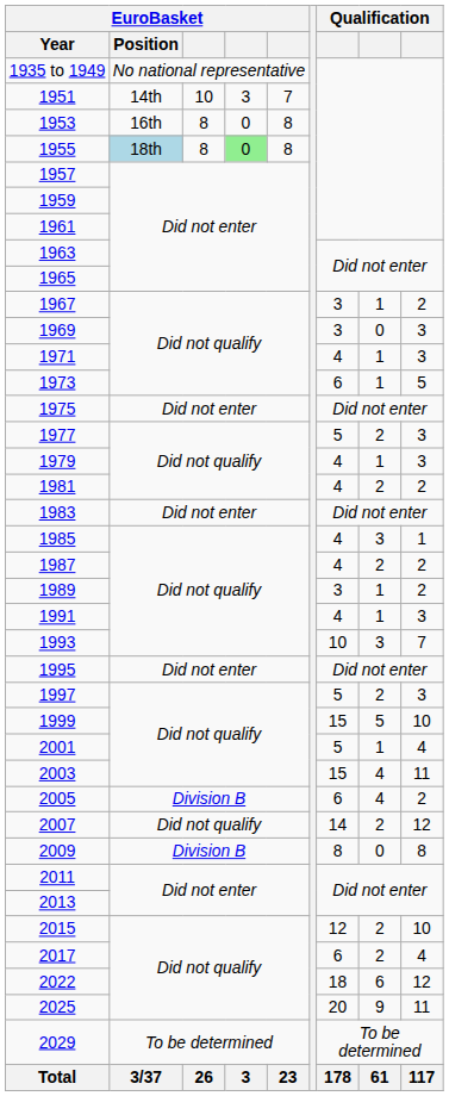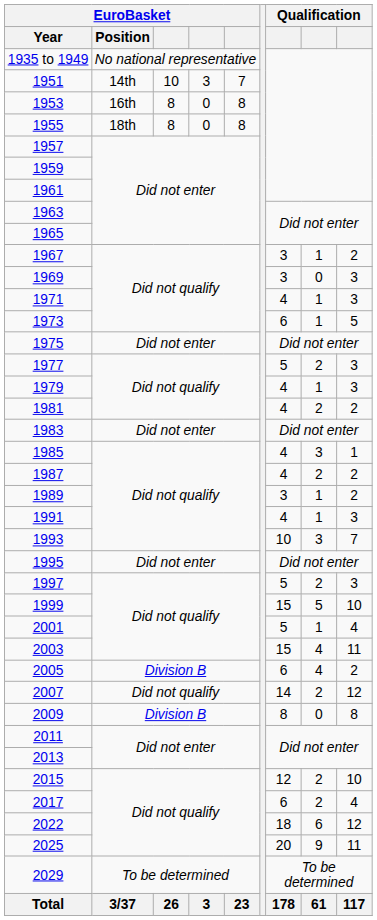 <table class="wikitable" style="text-align: center;font-size:90%;">
 <tr>
 <th colspan=5><a href='#'>EuroBasket</a></th>
 <th rowspan=41></th>
 <th colspan=3>Qualification</th>
 </tr>
 <tr>
 <th>Year</th>
 <th>Position</th>
 <th width=30></th>
 <th width=30></th>
 <th width=30></th>
 <th width=30></th>
 <th width=30></th>
 <th width=30></th>
 </tr>
 <tr>
 <td><a href='#'>1935</a> to <a href='#'>1949</a></td>
 <td colspan=4><em>No national representative</em></td>
 </tr>
 <tr>
 <td> <a href='#'>1951</a></td>
 <td>14th</td>
 <td>10</td>
 <td>3</td>
 <td>7</td>
 </tr>
 <tr>
 <td> <a href='#'>1953</a></td>
 <td>16th</td>
 <td>8</td>
 <td>0</td>
 <td>8</td>
 </tr>
 <tr>
 <td> <a href='#'>1955</a></td>
-<td style="background: lightblue;">18th</td>
+<td>18th</td>
 <td>8</td>
-<td style="background: lightgreen;">0</td>
+<td>0</td>
 <td>8</td>
 </tr>
 <tr>
 <td> <a href='#'>1957</a></td>
 <td colspan=4 rowspan=5><em>Did not enter</em></td>
 </tr>
 <tr>
 <td> <a href='#'>1959</a></td>
 </tr>
 <tr>
 <td> <a href='#'>1961</a></td>
 </tr>
 <tr>
 <td> <a href='#'>1963</a></td>
 <td colspan=3 rowspan=2><em>Did not enter</em></td>
 </tr>
 <tr>
 <td> <a href='#'>1965</a></td>
 </tr>
 <tr>
 <td> <a href='#'>1967</a></td>
 <td colspan=4 rowspan=4><em>Did not qualify</em></td>
 <td>3</td>
 <td>1</td>
 <td>2</td>
 </tr>
 <tr>
 <td> <a href='#'>1969</a></td>
 <td>3</td>
 <td>0</td>
 <td>3</td>
 </tr>
 <tr>
 <td> <a href='#'>1971</a></td>
 <td>4</td>
 <td>1</td>
 <td>3</td>
 </tr>
 <tr>
 <td> <a href='#'>1973</a></td>
 <td>6</td>
 <td>1</td>
 <td>5</td>
 </tr>
 <tr>
 <td> <a href='#'>1975</a></td>
 <td colspan=4><em>Did not enter</em></td>
 <td colspan=3><em>Did not enter</em></td>
 </tr>
 <tr>
 <td> <a href='#'>1977</a></td>
 <td colspan=4 rowspan=3><em>Did not qualify</em></td>
 <td>5</td>
 <td>2</td>
 <td>3</td>
 </tr>
 <tr>
 <td> <a href='#'>1979</a></td>
 <td>4</td>
 <td>1</td>
 <td>3</td>
 </tr>
 <tr>
 <td> <a href='#'>1981</a></td>
 <td>4</td>
 <td>2</td>
 <td>2</td>
 </tr>
 <tr>
 <td> <a href='#'>1983</a></td>
 <td colspan=4><em>Did not enter</em></td>
 <td colspan=3><em>Did not enter</em></td>
 </tr>
 <tr>
 <td> <a href='#'>1985</a></td>
 <td colspan=4 rowspan=5><em>Did not qualify</em></td>
 <td>4</td>
 <td>3</td>
 <td>1</td>
 </tr>
 <tr>
 <td> <a href='#'>1987</a></td>
 <td>4</td>
 <td>2</td>
 <td>2</td>
 </tr>
 <tr>
 <td> <a href='#'>1989</a></td>
 <td>3</td>
 <td>1</td>
 <td>2</td>
 </tr>
 <tr>
 <td> <a href='#'>1991</a></td>
 <td>4</td>
 <td>1</td>
 <td>3</td>
 </tr>
 <tr>
 <td> <a href='#'>1993</a></td>
 <td>10</td>
 <td>3</td>
 <td>7</td>
 </tr>
 <tr>
 <td> <a href='#'>1995</a></td>
 <td colspan=4><em>Did not enter</em></td>
 <td colspan=3><em>Did not enter</em></td>
 </tr>
 <tr>
 <td> <a href='#'>1997</a></td>
 <td colspan=4 rowspan=4><em>Did not qualify</em></td>
 <td>5</td>
 <td>2</td>
 <td>3</td>
 </tr>
 <tr>
 <td> <a href='#'>1999</a></td>
 <td>15</td>
 <td>5</td>
 <td>10</td>
 </tr>
 <tr>
 <td> <a href='#'>2001</a></td>
 <td>5</td>
 <td>1</td>
 <td>4</td>
 </tr>
 <tr>
 <td> <a href='#'>2003</a></td>
 <td>15</td>
 <td>4</td>
 <td>11</td>
 </tr>
 <tr>
 <td> <a href='#'>2005</a></td>
 <td colspan=4><em><a href='#'>Division B</a></em></td>
 <td>6</td>
 <td>4</td>
 <td>2</td>
 </tr>
 <tr>
 <td> <a href='#'>2007</a></td>
 <td colspan=4><em>Did not qualify</em></td>
 <td>14</td>
 <td>2</td>
 <td>12</td>
 </tr>
 <tr>
 <td> <a href='#'>2009</a></td>
 <td colspan=4><em><a href='#'>Division B</a></em></td>
 <td>8</td>
 <td>0</td>
 <td>8</td>
 </tr>
 <tr>
 <td> <a href='#'>2011</a></td>
 <td colspan=4 rowspan=2><em>Did not enter</em></td>
 <td colspan=3 rowspan=2><em>Did not enter</em></td>
 </tr>
 <tr>
 <td> <a href='#'>2013</a></td>
 </tr>
 <tr>
 <td> <a href='#'>2015</a></td>
 <td colspan=4 rowspan=4><em>Did not qualify</em></td>
 <td>12</td>
 <td>2</td>
 <td>10</td>
 </tr>
 <tr>
 <td> <a href='#'>2017</a></td>
 <td>6</td>
 <td>2</td>
 <td>4</td>
 </tr>
 <tr>
 <td> <a href='#'>2022</a></td>
 <td>18</td>
 <td>6</td>
 <td>12</td>
 </tr>
 <tr>
 <td> <a href='#'>2025</a></td>
 <td>20</td>
 <td>9</td>
 <td>11</td>
 </tr>
 <tr>
 <td> <a href='#'>2029</a></td>
 <td colspan=4><em>To be determined</em></td>
 <td colspan=3><em>To be determined</em></td>
 </tr>
 <tr>
 <th>Total</th>
 <th>3/37</th>
 <th>26</th>
 <th>3</th>
 <th>23</th>
 <th>178</th>
 <th>61</th>
 <th>117</th>
 </tr>
 </table>
